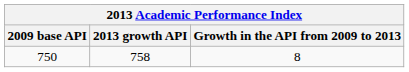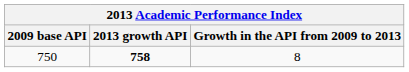 <table class="wikitable" style="text-align:center">
 <tr>
 <th colspan="3">2013 <a href='#'>Academic Performance Index</a></th>
 </tr>
 <tr>
 <th>2009 base API</th>
 <th>2013 growth API</th>
 <th>Growth in the API from 2009 to 2013</th>
 </tr>
 <tr>
 <td>750</td>
-<td>758</td>
+<td><strong>758</strong></td>
 <td>8</td>
 </tr>
 </table>
